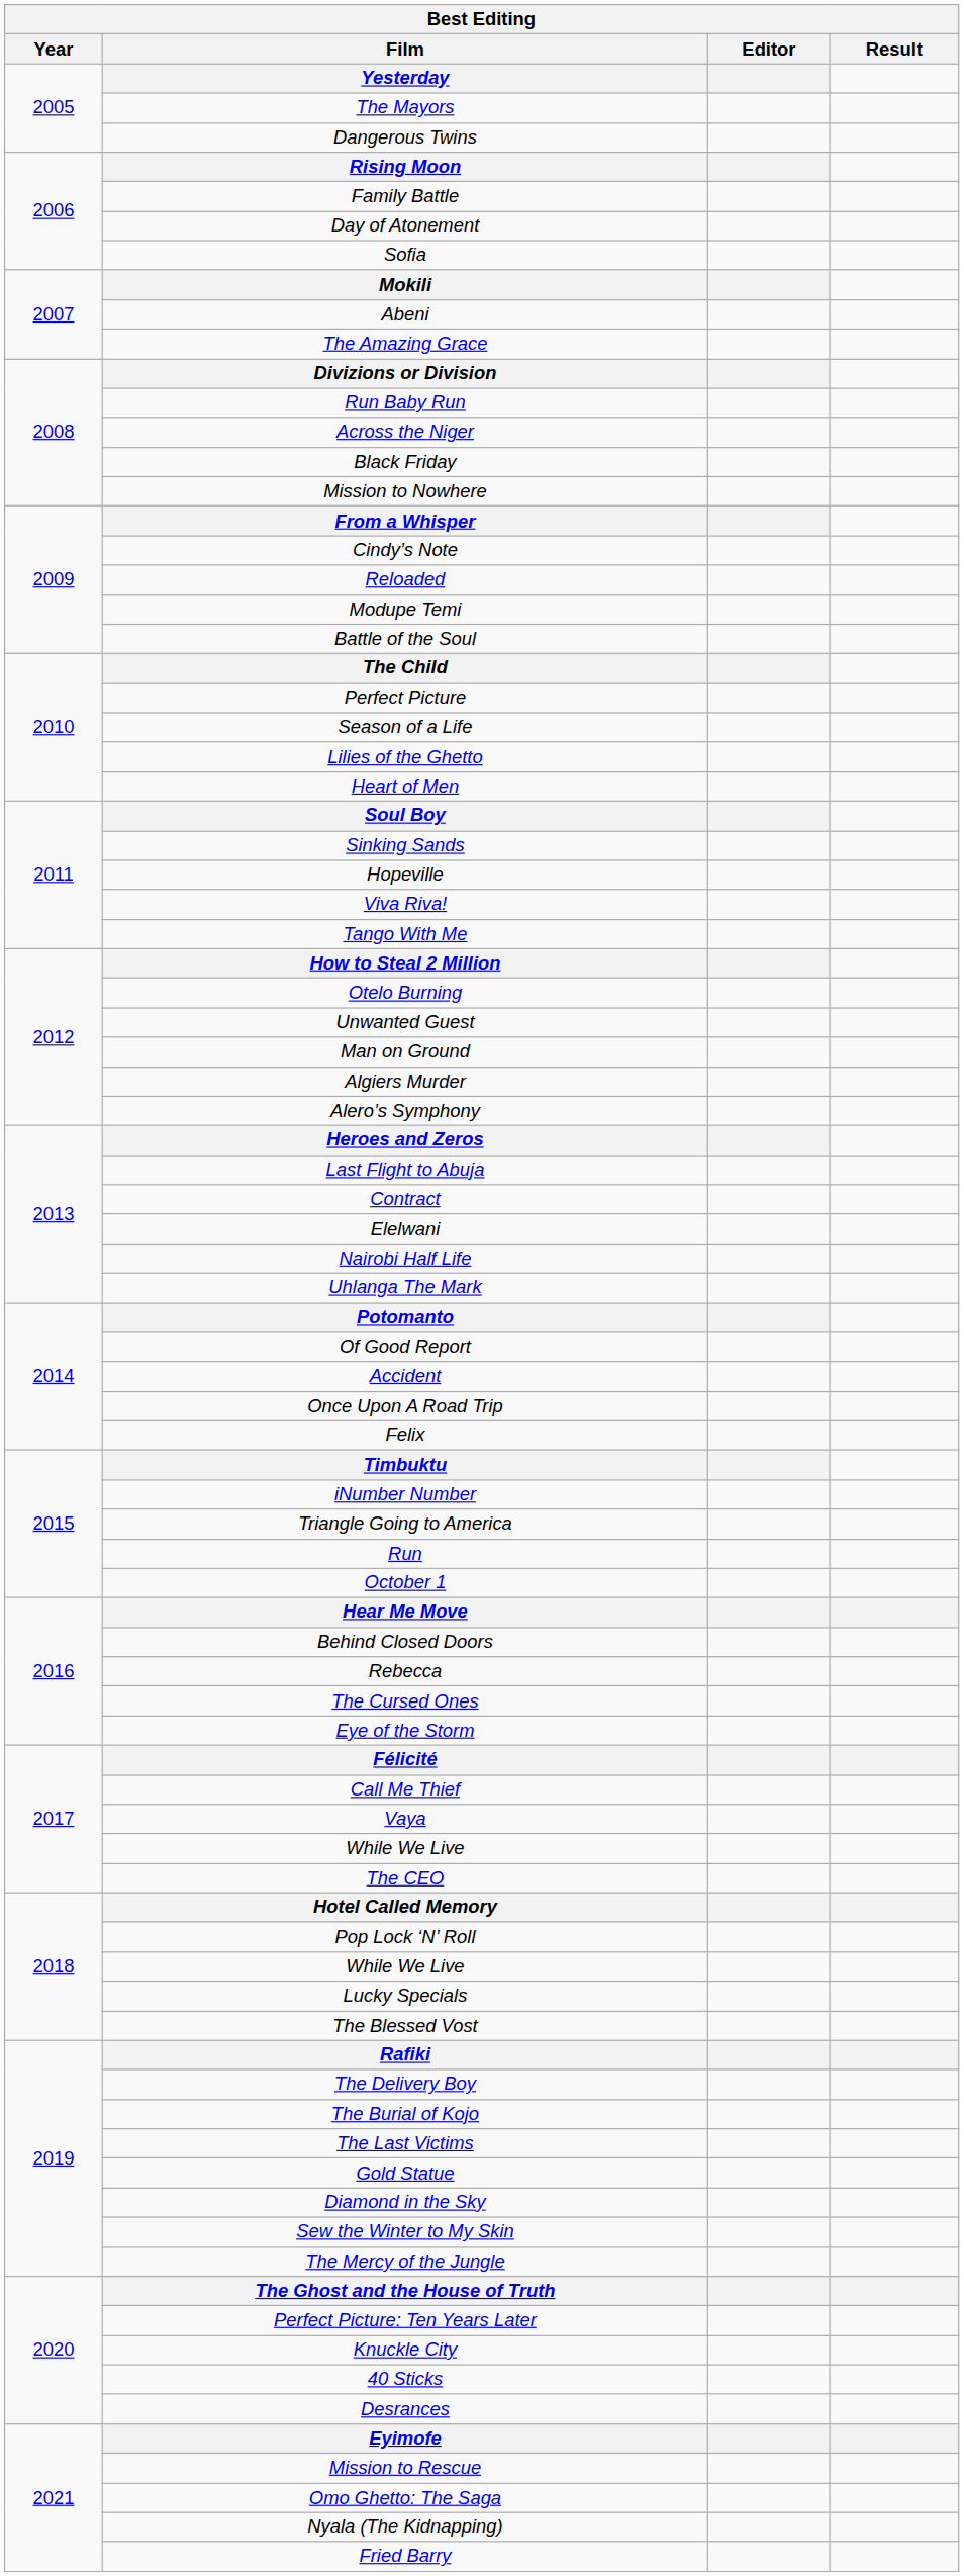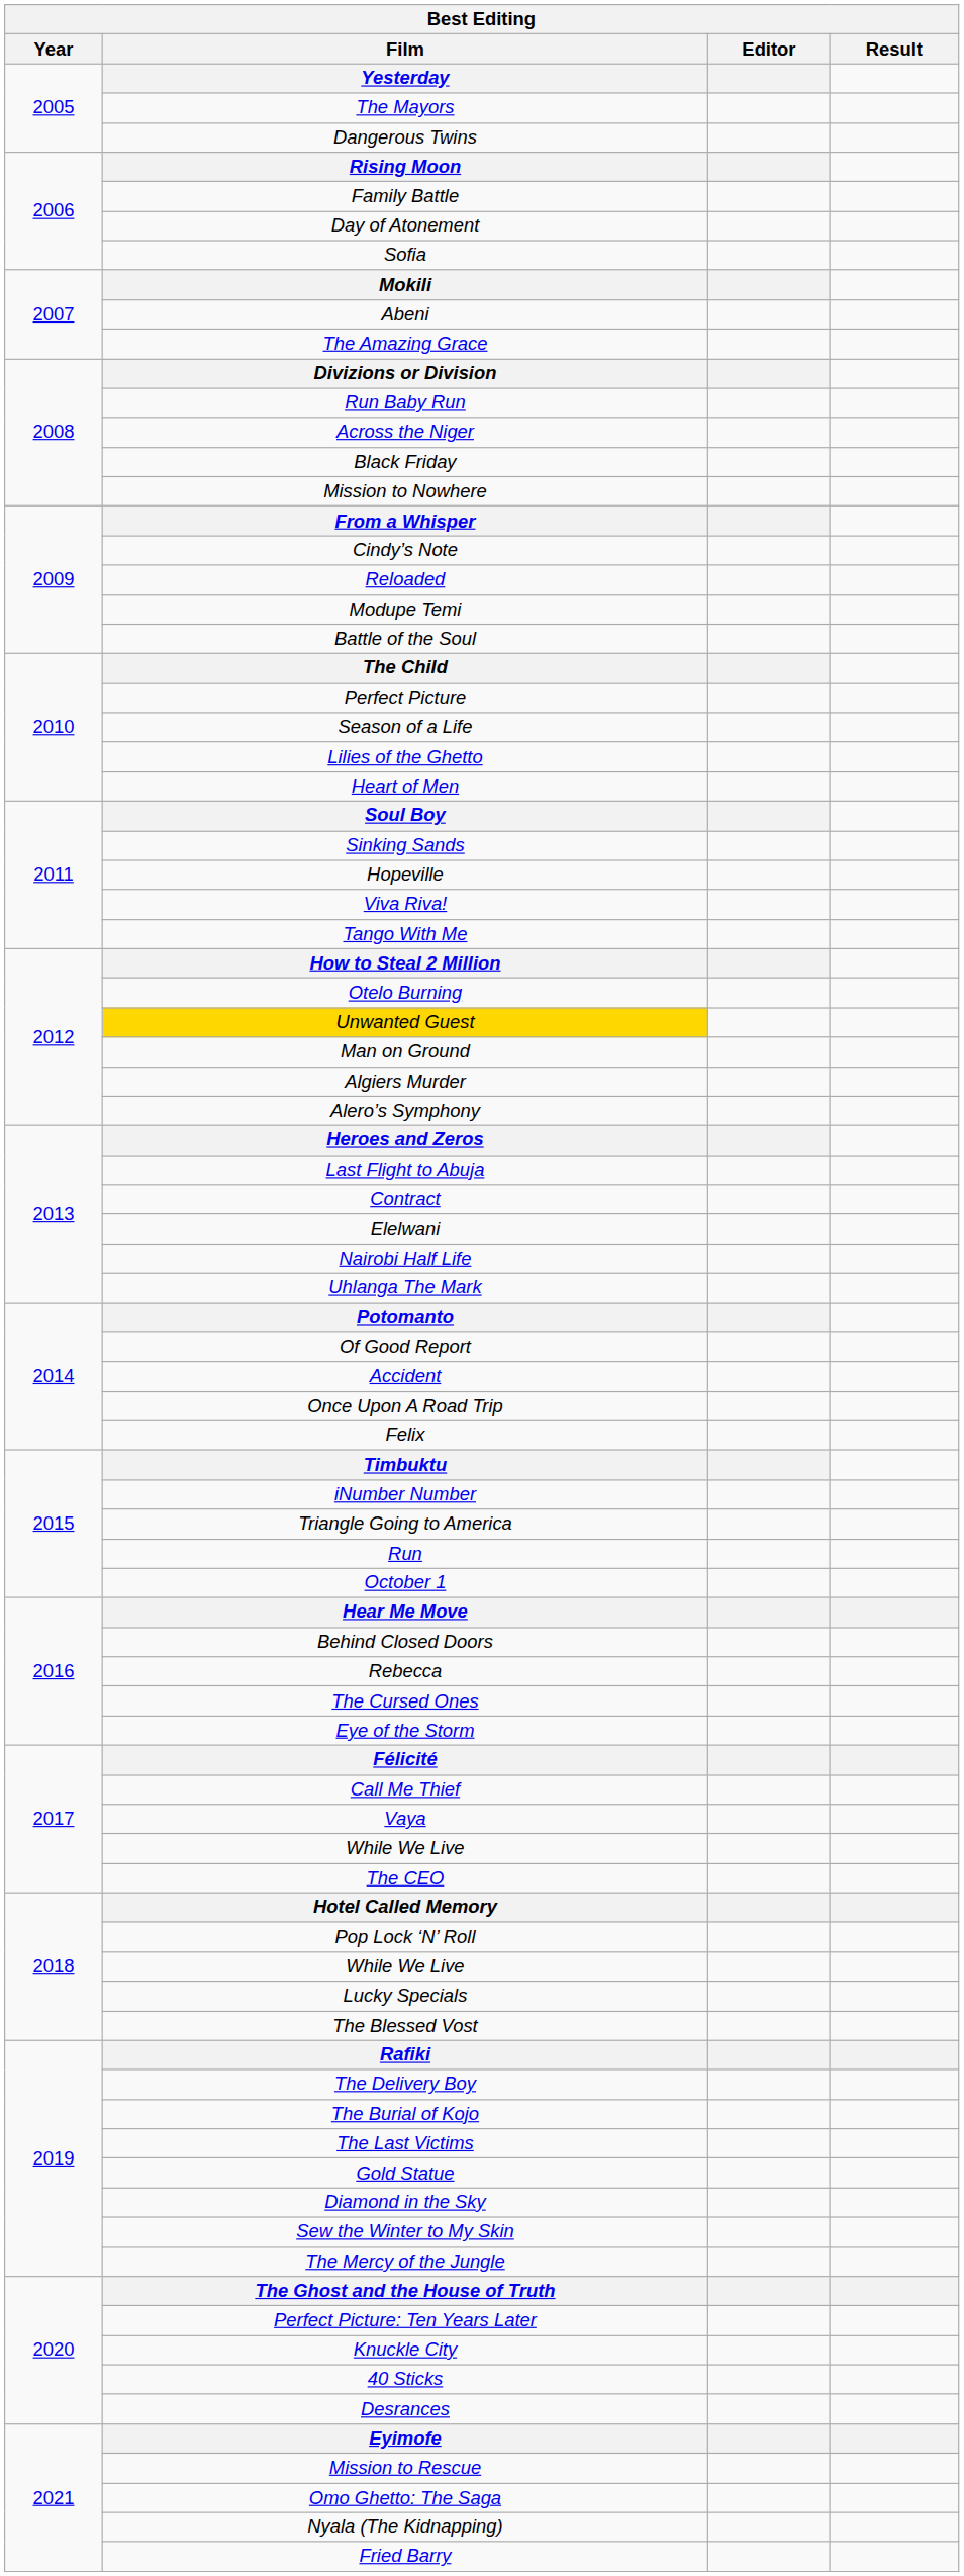 <table class=wikitable style="text-align:center" width="65%">
 <tr>
 <th colspan="4">Best Editing</th>
 </tr>
 <tr>
 <th>Year</th>
 <th>Film</th>
 <th>Editor</th>
 <th>Result</th>
 </tr>
 <tr>
 <td rowspan="3"><a href='#'>2005</a></td>
 <th><em><a href='#'>Yesterday</a></em></th>
 <th></th>
 <td></td>
 </tr>
 <tr>
 <td><em><a href='#'>The Mayors</a></em></td>
 <td></td>
 <td></td>
 </tr>
 <tr>
 <td><em>Dangerous Twins</em></td>
 <td></td>
 <td></td>
 </tr>
 <tr>
 <td rowspan="4"><a href='#'>2006</a></td>
 <th><em><a href='#'>Rising Moon</a></em></th>
 <th></th>
 <td></td>
 </tr>
 <tr>
 <td><em>Family Battle</em></td>
 <td></td>
 <td></td>
 </tr>
 <tr>
 <td><em>Day of Atonement</em></td>
 <td></td>
 <td></td>
 </tr>
 <tr>
 <td><em>Sofia</em></td>
 <td></td>
 <td></td>
 </tr>
 <tr>
 <td rowspan="3"><a href='#'>2007</a></td>
 <th><em>Mokili</em></th>
 <th></th>
 <td></td>
 </tr>
 <tr>
 <td><em>Abeni</em></td>
 <td></td>
 <td></td>
 </tr>
 <tr>
 <td><em><a href='#'>The Amazing Grace</a></em></td>
 <td></td>
 <td></td>
 </tr>
 <tr>
 <td rowspan="5"><a href='#'>2008</a></td>
 <th><em>Divizions or Division</em></th>
 <th></th>
 <td></td>
 </tr>
 <tr>
 <td><em><a href='#'>Run Baby Run</a></em></td>
 <td></td>
 <td></td>
 </tr>
 <tr>
 <td><em><a href='#'>Across the Niger</a></em></td>
 <td></td>
 <td></td>
 </tr>
 <tr>
 <td><em>Black Friday</em></td>
 <td></td>
 <td></td>
 </tr>
 <tr>
 <td><em>Mission to Nowhere</em></td>
 <td></td>
 <td></td>
 </tr>
 <tr>
 <td rowspan="5"><a href='#'>2009</a></td>
 <th><em><a href='#'>From a Whisper</a></em></th>
 <th></th>
 <td></td>
 </tr>
 <tr>
 <td><em>Cindy’s Note</em></td>
 <td></td>
 <td></td>
 </tr>
 <tr>
 <td><em><a href='#'>Reloaded</a></em></td>
 <td></td>
 <td></td>
 </tr>
 <tr>
 <td><em>Modupe Temi</em></td>
 <td></td>
 <td></td>
 </tr>
 <tr>
 <td><em>Battle of the Soul</em></td>
 <td></td>
 <td></td>
 </tr>
 <tr>
 <td rowspan="5"><a href='#'>2010</a></td>
 <th><em>The Child</em></th>
 <th></th>
 <td></td>
 </tr>
 <tr>
 <td><em>Perfect Picture</em></td>
 <td></td>
 <td></td>
 </tr>
 <tr>
 <td><em>Season of a Life</em></td>
 <td></td>
 <td></td>
 </tr>
 <tr>
 <td><em><a href='#'>Lilies of the Ghetto</a></em></td>
 <td></td>
 <td></td>
 </tr>
 <tr>
 <td><em><a href='#'>Heart of Men</a></em></td>
 <td></td>
 <td></td>
 </tr>
 <tr>
 <td rowspan="5"><a href='#'>2011</a></td>
 <th><em><a href='#'>Soul Boy</a></em></th>
 <th></th>
 <td></td>
 </tr>
 <tr>
 <td><em><a href='#'>Sinking Sands</a></em></td>
 <td></td>
 <td></td>
 </tr>
 <tr>
 <td><em>Hopeville</em></td>
 <td></td>
 <td></td>
 </tr>
 <tr>
 <td><em><a href='#'>Viva Riva!</a></em></td>
 <td></td>
 <td></td>
 </tr>
 <tr>
 <td><em><a href='#'>Tango With Me</a></em></td>
 <td></td>
 <td></td>
 </tr>
 <tr>
 <td rowspan="6"><a href='#'>2012</a></td>
 <th><em><a href='#'>How to Steal 2 Million</a></em></th>
 <th></th>
 <td></td>
 </tr>
 <tr>
 <td><em><a href='#'>Otelo Burning</a></em></td>
 <td></td>
 <td></td>
 </tr>
 <tr>
-<td><em>Unwanted Guest</em></td>
+<td style="background: gold;"><em>Unwanted Guest</em></td>
 <td></td>
 <td></td>
 </tr>
 <tr>
 <td><em>Man on Ground</em></td>
 <td></td>
 <td></td>
 </tr>
 <tr>
 <td><em>Algiers Murder</em></td>
 <td></td>
 <td></td>
 </tr>
 <tr>
 <td><em>Alero’s Symphony</em></td>
 <td></td>
 <td></td>
 </tr>
 <tr>
 <td rowspan="6"><a href='#'>2013</a></td>
 <th><em><a href='#'>Heroes and Zeros</a></em></th>
 <th></th>
 <td></td>
 </tr>
 <tr>
 <td><em><a href='#'>Last Flight to Abuja</a></em></td>
 <td></td>
 <td></td>
 </tr>
 <tr>
 <td><em><a href='#'>Contract</a></em></td>
 <td></td>
 <td></td>
 </tr>
 <tr>
 <td><em>Elelwani</em></td>
 <td></td>
 <td></td>
 </tr>
 <tr>
 <td><em><a href='#'>Nairobi Half Life</a></em></td>
 <td></td>
 <td></td>
 </tr>
 <tr>
 <td><em><a href='#'>Uhlanga The Mark</a></em></td>
 <td></td>
 <td></td>
 </tr>
 <tr>
 <td rowspan="5"><a href='#'>2014</a></td>
 <th><em><a href='#'>Potomanto</a></em></th>
 <th></th>
 <td></td>
 </tr>
 <tr>
 <td><em>Of Good Report</em></td>
 <td></td>
 <td></td>
 </tr>
 <tr>
 <td><em><a href='#'>Accident</a></em></td>
 <td></td>
 <td></td>
 </tr>
 <tr>
 <td><em>Once Upon A Road Trip</em></td>
 <td></td>
 <td></td>
 </tr>
 <tr>
 <td><em>Felix</em></td>
 <td></td>
 <td></td>
 </tr>
 <tr>
 <td rowspan="5"><a href='#'>2015</a></td>
 <th><strong><em><a href='#'>Timbuktu</a></em></strong></th>
 <th></th>
 <td></td>
 </tr>
 <tr>
 <td><em><a href='#'>iNumber Number</a></em></td>
 <td></td>
 <td></td>
 </tr>
 <tr>
 <td><em>Triangle Going to America</em></td>
 <td></td>
 <td></td>
 </tr>
 <tr>
 <td><em><a href='#'>Run</a></em></td>
 <td></td>
 <td></td>
 </tr>
 <tr>
 <td><em><a href='#'>October 1</a></em></td>
 <td></td>
 <td></td>
 </tr>
 <tr>
 <td rowspan="5"><a href='#'>2016</a></td>
 <th><strong><em><a href='#'>Hear Me Move</a></em></strong></th>
 <th></th>
 <th></th>
 </tr>
 <tr>
 <td><em>Behind Closed Doors</em></td>
 <td></td>
 <td></td>
 </tr>
 <tr>
 <td><em>Rebecca</em></td>
 <td></td>
 <td></td>
 </tr>
 <tr>
 <td><em><a href='#'>The Cursed Ones</a></em></td>
 <td></td>
 <td></td>
 </tr>
 <tr>
 <td><em><a href='#'>Eye of the Storm</a></em></td>
 <td></td>
 <td></td>
 </tr>
 <tr>
 <td rowspan="5"><a href='#'>2017</a></td>
 <th><strong><em><a href='#'>Félicité</a></em></strong></th>
 <th></th>
 <th></th>
 </tr>
 <tr>
 <td><em><a href='#'>Call Me Thief</a></em></td>
 <td></td>
 <td></td>
 </tr>
 <tr>
 <td><a href='#'><em>Vaya</em></a></td>
 <td></td>
 <td></td>
 </tr>
 <tr>
 <td><em>While We Live</em></td>
 <td></td>
 <td></td>
 </tr>
 <tr>
 <td><em><a href='#'>The CEO</a></em></td>
 <td></td>
 <td></td>
 </tr>
 <tr>
 <td rowspan="5"><a href='#'>2018</a></td>
 <th><strong><em>Hotel Called Memory</em></strong></th>
 <th></th>
 <th></th>
 </tr>
 <tr>
 <td><em>Pop Lock ‘N’ Roll</em></td>
 <td></td>
 <td></td>
 </tr>
 <tr>
 <td><em>While We Live</em></td>
 <td></td>
 <td></td>
 </tr>
 <tr>
 <td><em>Lucky Specials</em></td>
 <td></td>
 <td></td>
 </tr>
 <tr>
 <td><em>The Blessed Vost</em></td>
 <td></td>
 <td></td>
 </tr>
 <tr>
 <td rowspan="8"><a href='#'>2019</a></td>
 <th><strong><em><a href='#'>Rafiki</a></em></strong></th>
 <th></th>
 <th></th>
 </tr>
 <tr>
 <td><em><a href='#'>The Delivery Boy</a></em></td>
 <td></td>
 <td></td>
 </tr>
 <tr>
 <td><em><a href='#'>The Burial of Kojo</a></em></td>
 <td></td>
 <td></td>
 </tr>
 <tr>
 <td><em><a href='#'>The Last Victims</a></em></td>
 <td></td>
 <td></td>
 </tr>
 <tr>
 <td><em><a href='#'>Gold Statue</a></em></td>
 <td></td>
 <td></td>
 </tr>
 <tr>
 <td><em><a href='#'>Diamond in the Sky</a></em></td>
 <td></td>
 <td></td>
 </tr>
 <tr>
 <td><em><a href='#'>Sew the Winter to My Skin</a></em></td>
 <td></td>
 <td></td>
 </tr>
 <tr>
 <td><em><a href='#'>The Mercy of the Jungle</a></em></td>
 <td></td>
 <td></td>
 </tr>
 <tr>
 <td rowspan="5"><a href='#'>2020</a></td>
 <th><strong><em><a href='#'>The Ghost and the House of Truth</a></em></strong></th>
 <th></th>
 <th></th>
 </tr>
 <tr>
 <td><em><a href='#'>Perfect Picture: Ten Years Later</a></em></td>
 <td></td>
 <td></td>
 </tr>
 <tr>
 <td><em><a href='#'>Knuckle City</a></em></td>
 <td></td>
 <td></td>
 </tr>
 <tr>
 <td><em><a href='#'>40 Sticks</a></em></td>
 <td></td>
 <td></td>
 </tr>
 <tr>
 <td><em><a href='#'>Desrances</a></em></td>
 <td></td>
 <td></td>
 </tr>
 <tr>
 <td rowspan="5"><a href='#'>2021</a></td>
 <th><em><a href='#'>Eyimofe</a></em></th>
 <th></th>
 <th></th>
 </tr>
 <tr>
 <td><em><a href='#'>Mission to Rescue</a></em></td>
 <td></td>
 <td></td>
 </tr>
 <tr>
 <td><em><a href='#'>Omo Ghetto: The Saga</a></em></td>
 <td></td>
 <td></td>
 </tr>
 <tr>
 <td><em>Nyala (The Kidnapping)</em></td>
 <td></td>
 <td></td>
 </tr>
 <tr>
 <td><em><a href='#'>Fried Barry</a></em></td>
 <td></td>
 <td></td>
 </tr>
 <tr>
 </tr>
 </table>
